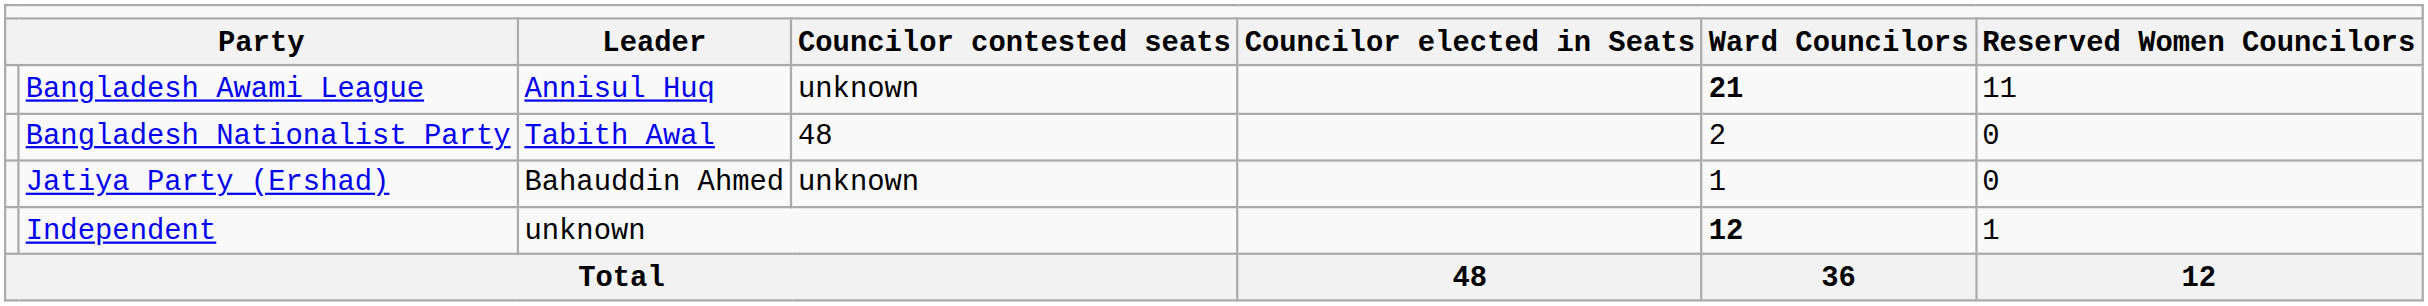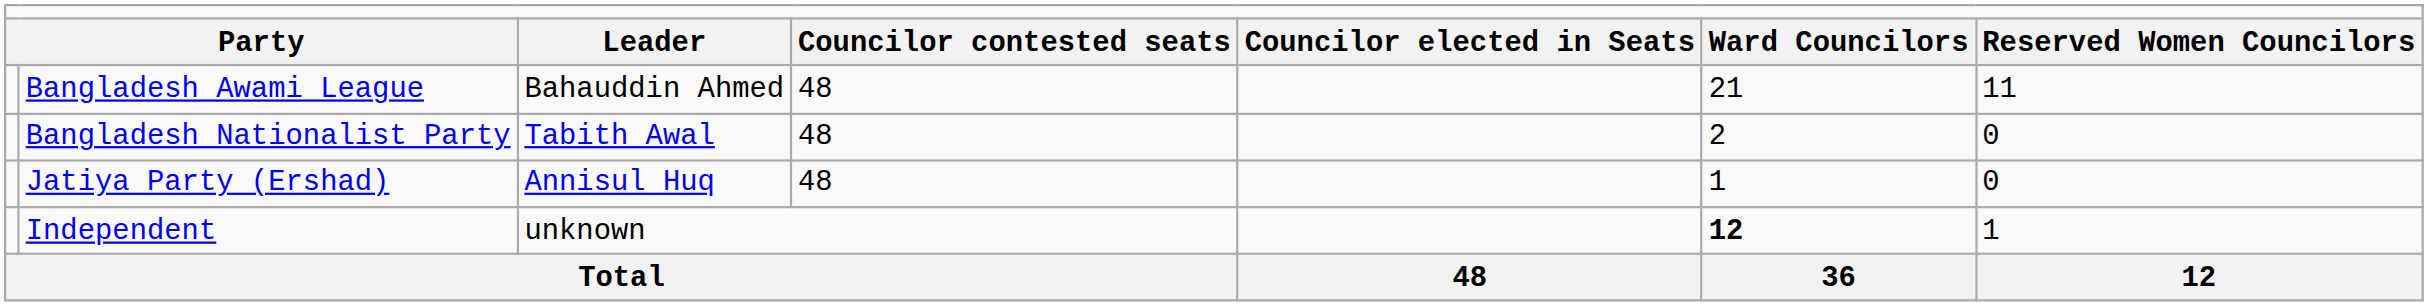 <table class="wikitable">
 <tr>
 <td colspan="7"></td>
 </tr>
 <tr>
 <th colspan="2">Party</th>
 <th>Leader</th>
 <th>Councilor contested seats</th>
 <th>Councilor elected in Seats</th>
 <th>Ward Councilors</th>
 <th>Reserved Women Councilors</th>
 </tr>
 <tr>
 <td></td>
 <td><a href='#'>Bangladesh Awami League</a></td>
-<td><a href='#'>Annisul Huq</a></td>
-<td>unknown</td>
+<td>Bahauddin Ahmed</td>
+<td>48</td>
 <td></td>
-<td><strong>21</strong></td>
+<td>21</td>
 <td>11</td>
 </tr>
 <tr>
 <td></td>
 <td><a href='#'>Bangladesh Nationalist Party</a></td>
 <td><a href='#'>Tabith Awal</a></td>
 <td>48</td>
 <td></td>
 <td>2</td>
 <td>0</td>
 </tr>
 <tr>
 <td></td>
 <td><a href='#'>Jatiya Party (Ershad)</a></td>
-<td>Bahauddin Ahmed</td>
-<td>unknown</td>
+<td><a href='#'>Annisul Huq</a></td>
+<td>48</td>
 <td></td>
 <td>1</td>
 <td>0</td>
 </tr>
 <tr>
 <td></td>
 <td><a href='#'>Independent</a></td>
 <td colspan="2">unknown</td>
 <td></td>
 <td><strong>12</strong></td>
 <td>1</td>
 </tr>
 <tr>
 <th colspan="4">Total</th>
 <th>48</th>
 <th>36</th>
 <th>12</th>
 </tr>
 </table>
